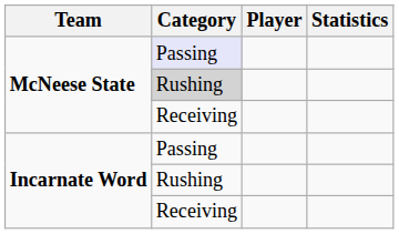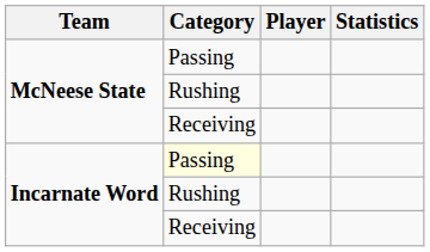 <table class="wikitable" style="float: left;">
 <tr>
 <th>Team</th>
 <th>Category</th>
 <th>Player</th>
 <th>Statistics</th>
 </tr>
 <tr>
 <td rowspan=3><strong>McNeese State</strong></td>
-<td style="background: lavender;">Passing</td>
-<td> </td>
-<td> </td>
-</tr>
-<tr>
-<td style="background: lightgrey;">Rushing</td>
-<td> </td>
-<td> </td>
-</tr>
-<tr>
-<td>Receiving</td>
-<td> </td>
-<td> </td>
-</tr>
-<tr>
-<td rowspan=3><strong>Incarnate Word</strong></td>
 <td>Passing</td>
 <td> </td>
 <td> </td>
 </tr>
 <tr>
 <td>Rushing</td>
 <td> </td>
 <td> </td>
 </tr>
 <tr>
 <td>Receiving</td>
 <td> </td>
 <td> </td>
 </tr>
+<tr>
+<td rowspan=3><strong>Incarnate Word</strong></td>
+<td style="background: lightyellow;">Passing</td>
+<td> </td>
+<td> </td>
+</tr>
+<tr>
+<td>Rushing</td>
+<td> </td>
+<td> </td>
+</tr>
+<tr>
+<td>Receiving</td>
+<td> </td>
+<td> </td>
+</tr>
 </table>
